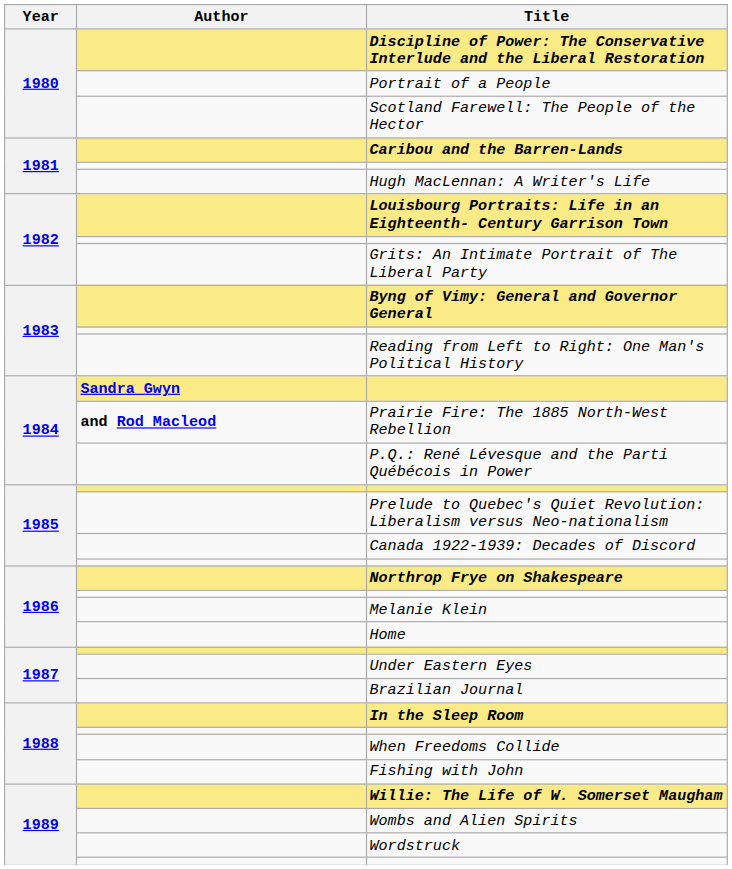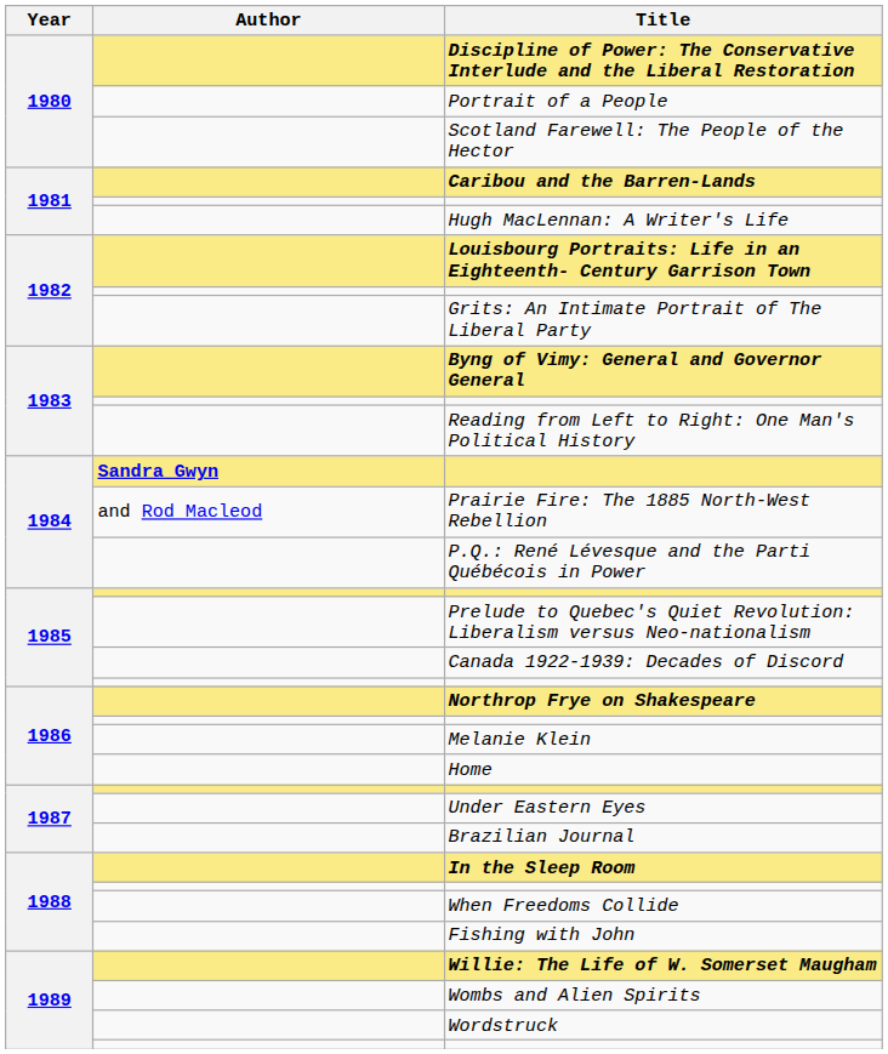 <table class="wikitable sortable mw-collapsible" width="100%">
 <tr>
 <th>Year</th>
 <th width="40%">Author</th>
 <th width="50%">Title</th>
 </tr>
 <tr>
 <th rowspan="3"><a href='#'>1980</a></th>
 <td style="background:#FAEB86"><strong></strong></td>
 <td style="background:#FAEB86"><strong><em>Discipline of Power: The Conservative Interlude and the Liberal Restoration</em></strong></td>
 </tr>
 <tr>
 <td></td>
 <td><em> Portrait of a People</em></td>
 </tr>
 <tr>
 <td></td>
 <td><em>Scotland Farewell: The People of the Hector</em></td>
 </tr>
 <tr>
 <th rowspan="3"><a href='#'>1981</a></th>
 <td style="background:#FAEB86"><strong></strong></td>
 <td style="background:#FAEB86"><strong><em>Caribou and the Barren-Lands</em></strong></td>
 </tr>
 <tr>
 <td></td>
 <td><em></em></td>
 </tr>
 <tr>
 <td></td>
 <td><em>Hugh MacLennan: A Writer's Life</em></td>
 </tr>
 <tr>
 <th rowspan="3"><a href='#'>1982</a></th>
 <td style="background:#FAEB86"><strong></strong></td>
 <td style="background:#FAEB86"><strong><em>Louisbourg Portraits: Life in an Eighteenth- Century Garrison Town</em></strong></td>
 </tr>
 <tr>
 <td></td>
 <td><em></em></td>
 </tr>
 <tr>
 <td></td>
 <td><em>Grits: An Intimate Portrait of The Liberal Party</em></td>
 </tr>
 <tr>
 <th rowspan="3"><a href='#'>1983</a></th>
 <td style="background:#FAEB86"><strong></strong></td>
 <td style="background:#FAEB86"><strong><em>Byng of Vimy: General and Governor General</em></strong></td>
 </tr>
 <tr>
 <td></td>
 <td><em></em></td>
 </tr>
 <tr>
 <td></td>
 <td><em>Reading from Left to Right: One Man's Political History</em></td>
 </tr>
 <tr>
 <th rowspan="3"><a href='#'>1984</a></th>
 <td style="background:#FAEB86"><strong><a href='#'>Sandra Gwyn</a></strong></td>
 <td style="background:#FAEB86"><strong><em></em></strong></td>
 </tr>
 <tr>
-<td><strong> and <a href='#'>Rod Macleod</a></strong></td>
+<td> and <a href='#'>Rod Macleod</a></td>
 <td><em>Prairie Fire: The 1885 North-West Rebellion</em></td>
 </tr>
 <tr>
 <td></td>
 <td><em>P.Q.: René Lévesque and the Parti Québécois in Power</em></td>
 </tr>
 <tr>
 <th rowspan="4"><a href='#'>1985</a></th>
 <td style="background:#FAEB86"><strong></strong></td>
 <td style="background:#FAEB86"><strong><em></em></strong></td>
 </tr>
 <tr>
 <td></td>
 <td><em>Prelude to Quebec's Quiet Revolution: Liberalism versus Neo-nationalism</em></td>
 </tr>
 <tr>
 <td></td>
 <td><em>Canada 1922-1939: Decades of Discord</em></td>
 </tr>
 <tr>
 <td></td>
 <td><em></em></td>
 </tr>
 <tr>
 <th rowspan="4"><a href='#'>1986</a></th>
 <td style="background:#FAEB86"><strong></strong></td>
 <td style="background:#FAEB86"><strong><em>Northrop Frye on Shakespeare</em></strong></td>
 </tr>
 <tr>
 <td></td>
 <td><em></em></td>
 </tr>
 <tr>
 <td></td>
 <td><em>Melanie Klein</em></td>
 </tr>
 <tr>
 <td></td>
 <td><em>Home</em></td>
 </tr>
 <tr>
 <th rowspan="3"><a href='#'>1987</a></th>
 <td style="background:#FAEB86"><strong></strong></td>
 <td style="background:#FAEB86"><strong><em></em></strong></td>
 </tr>
 <tr>
 <td></td>
 <td><em>Under Eastern Eyes</em></td>
 </tr>
 <tr>
 <td></td>
 <td><em>Brazilian Journal</em></td>
 </tr>
 <tr>
 <th rowspan="4"><a href='#'>1988</a></th>
 <td style="background:#FAEB86"><strong></strong></td>
 <td style="background:#FAEB86"><strong><em>In the Sleep Room</em></strong></td>
 </tr>
 <tr>
 <td></td>
 <td><em></em></td>
 </tr>
 <tr>
 <td></td>
 <td><em>When Freedoms Collide</em></td>
 </tr>
 <tr>
 <td></td>
 <td><em>Fishing with John</em></td>
 </tr>
 <tr>
 <th rowspan="4"><a href='#'>1989</a></th>
 <td style="background:#FAEB86"><strong></strong></td>
 <td style="background:#FAEB86"><strong><em>Willie: The Life of W. Somerset Maugham</em></strong></td>
 </tr>
 <tr>
 <td></td>
 <td><em>Wombs and Alien Spirits</em></td>
 </tr>
 <tr>
 <td></td>
 <td><em>Wordstruck</em></td>
 </tr>
 <tr>
 <td></td>
 <td><em></em></td>
 </tr>
 </table>
